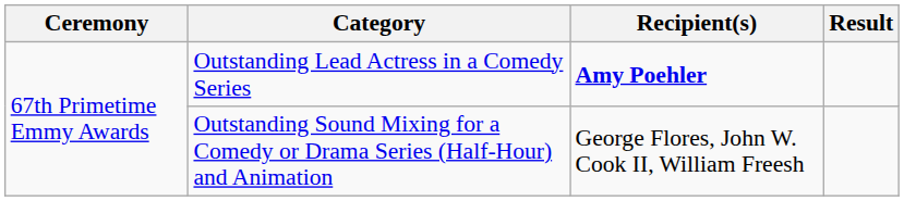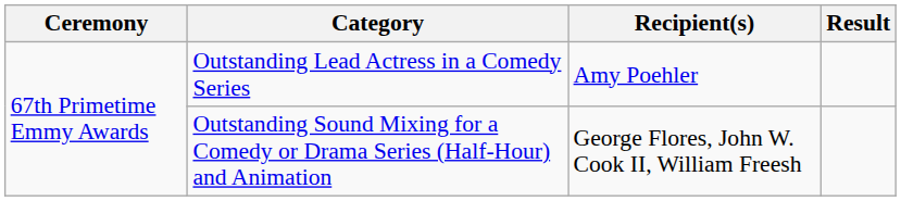 <table class="wikitable plainrowheaders sortable">
 <tr style="vertical-align:bottom;">
 <th scope="col">Ceremony</th>
 <th scope="col">Category</th>
 <th scope="col">Recipient(s)</th>
 <th scope="col">Result</th>
 </tr>
 <tr>
 <td rowspan=2><a href='#'>67th Primetime Emmy Awards</a></td>
 <td><a href='#'>Outstanding Lead Actress in a Comedy Series</a></td>
-<td><strong><a href='#'>Amy Poehler</a></strong></td>
+<td><a href='#'>Amy Poehler</a></td>
 <td></td>
 </tr>
 <tr>
 <td><a href='#'>Outstanding Sound Mixing for a Comedy or Drama Series (Half-Hour) and Animation</a></td>
 <td>George Flores, John W. Cook II, William Freesh</td>
 <td></td>
 </tr>
 </table>
